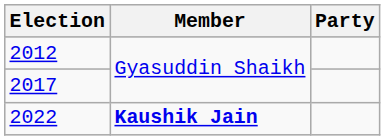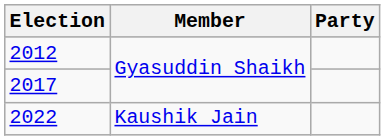 <table class="wikitable sortable">
 <tr>
 <th>Election</th>
 <th>Member</th>
 <th colspan=2>Party</th>
 </tr>
 <tr>
 <td><a href='#'>2012</a></td>
 <td rowspan=2><a href='#'>Gyasuddin Shaikh</a></td>
 <td></td>
 </tr>
 <tr>
 <td><a href='#'>2017</a></td>
 </tr>
 <tr>
 <td><a href='#'>2022</a></td>
-<td><strong><a href='#'>Kaushik Jain</a></strong></td>
+<td><a href='#'>Kaushik Jain</a></td>
 <td></td>
 </tr>
 </table>
